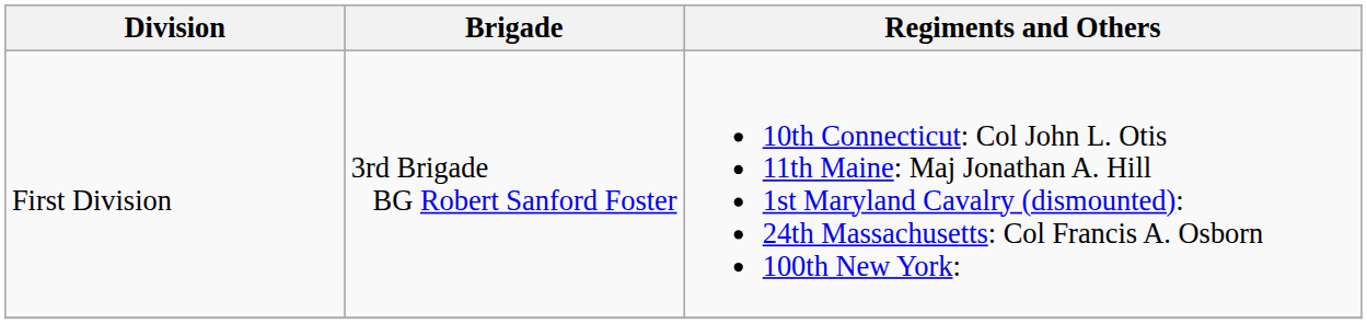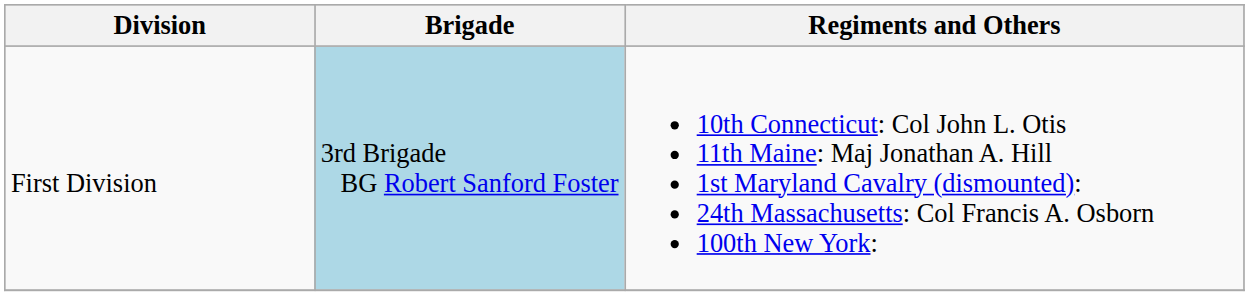 <table class="wikitable">
 <tr>
 <th width=25%>Division</th>
 <th width=25%>Brigade</th>
 <th>Regiments and Others</th>
 </tr>
 <tr>
 <td rowspan=1><br>First Division</td>
-<td>3rd Brigade<br>   BG <a href='#'>Robert Sanford Foster</a></td>
+<td style="background: lightblue;">3rd Brigade<br>   BG <a href='#'>Robert Sanford Foster</a></td>
 <td><br><ul><li><a href='#'>10th Connecticut</a>: Col John L. Otis</li><li><a href='#'>11th Maine</a>: Maj Jonathan A. Hill</li><li><a href='#'>1st Maryland Cavalry (dismounted)</a>:</li><li><a href='#'>24th Massachusetts</a>: Col Francis A. Osborn</li><li><a href='#'>100th New York</a>:</li></ul></td>
 </tr>
 <tr>
 </tr>
 </table>
